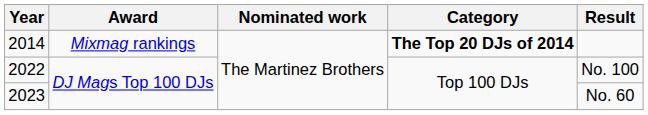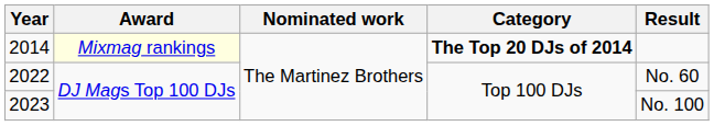 <table class="wikitable plainrowheaders" style="text-align:center;">
 <tr>
 <th>Year</th>
 <th>Award</th>
 <th>Nominated work</th>
 <th>Category</th>
 <th>Result</th>
 </tr>
 <tr>
 <td>2014</td>
-<td><a href='#'><em>Mixmag</em> rankings</a></td>
+<td style="background: lightyellow;"><a href='#'><em>Mixmag</em> rankings</a></td>
 <td rowspan="3">The Martinez Brothers</td>
 <td><strong>The Top 20 DJs of 2014</strong></td>
 <td></td>
 </tr>
 <tr>
 <td>2022</td>
 <td rowspan="2"><a href='#'><em>DJ Mag</em>s Top 100 DJs</a></td>
 <td rowspan="2">Top 100 DJs</td>
-<td>No. 100</td>
+<td>No. 60</td>
 </tr>
 <tr>
 <td>2023</td>
-<td>No. 60</td>
+<td>No. 100</td>
 </tr>
 </table>
